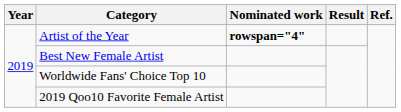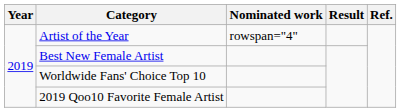 <table class="wikitable sortable">
 <tr>
 <th>Year</th>
 <th>Category</th>
 <th>Nominated work</th>
 <th>Result</th>
 <th>Ref.</th>
 </tr>
 <tr>
 <td rowspan="4"><a href='#'>2019</a></td>
 <td><a href='#'>Artist of the Year</a></td>
-<td><strong>rowspan="4" </strong></td>
+<td>rowspan="4" </td>
 <td></td>
 <td rowspan="4"></td>
 </tr>
 <tr>
 <td><a href='#'>Best New Female Artist</a></td>
 <td></td>
 </tr>
 <tr>
 <td>Worldwide Fans' Choice Top 10</td>
 <td></td>
 </tr>
 <tr>
 <td>2019 Qoo10 Favorite Female Artist</td>
 <td></td>
 </tr>
 </table>
